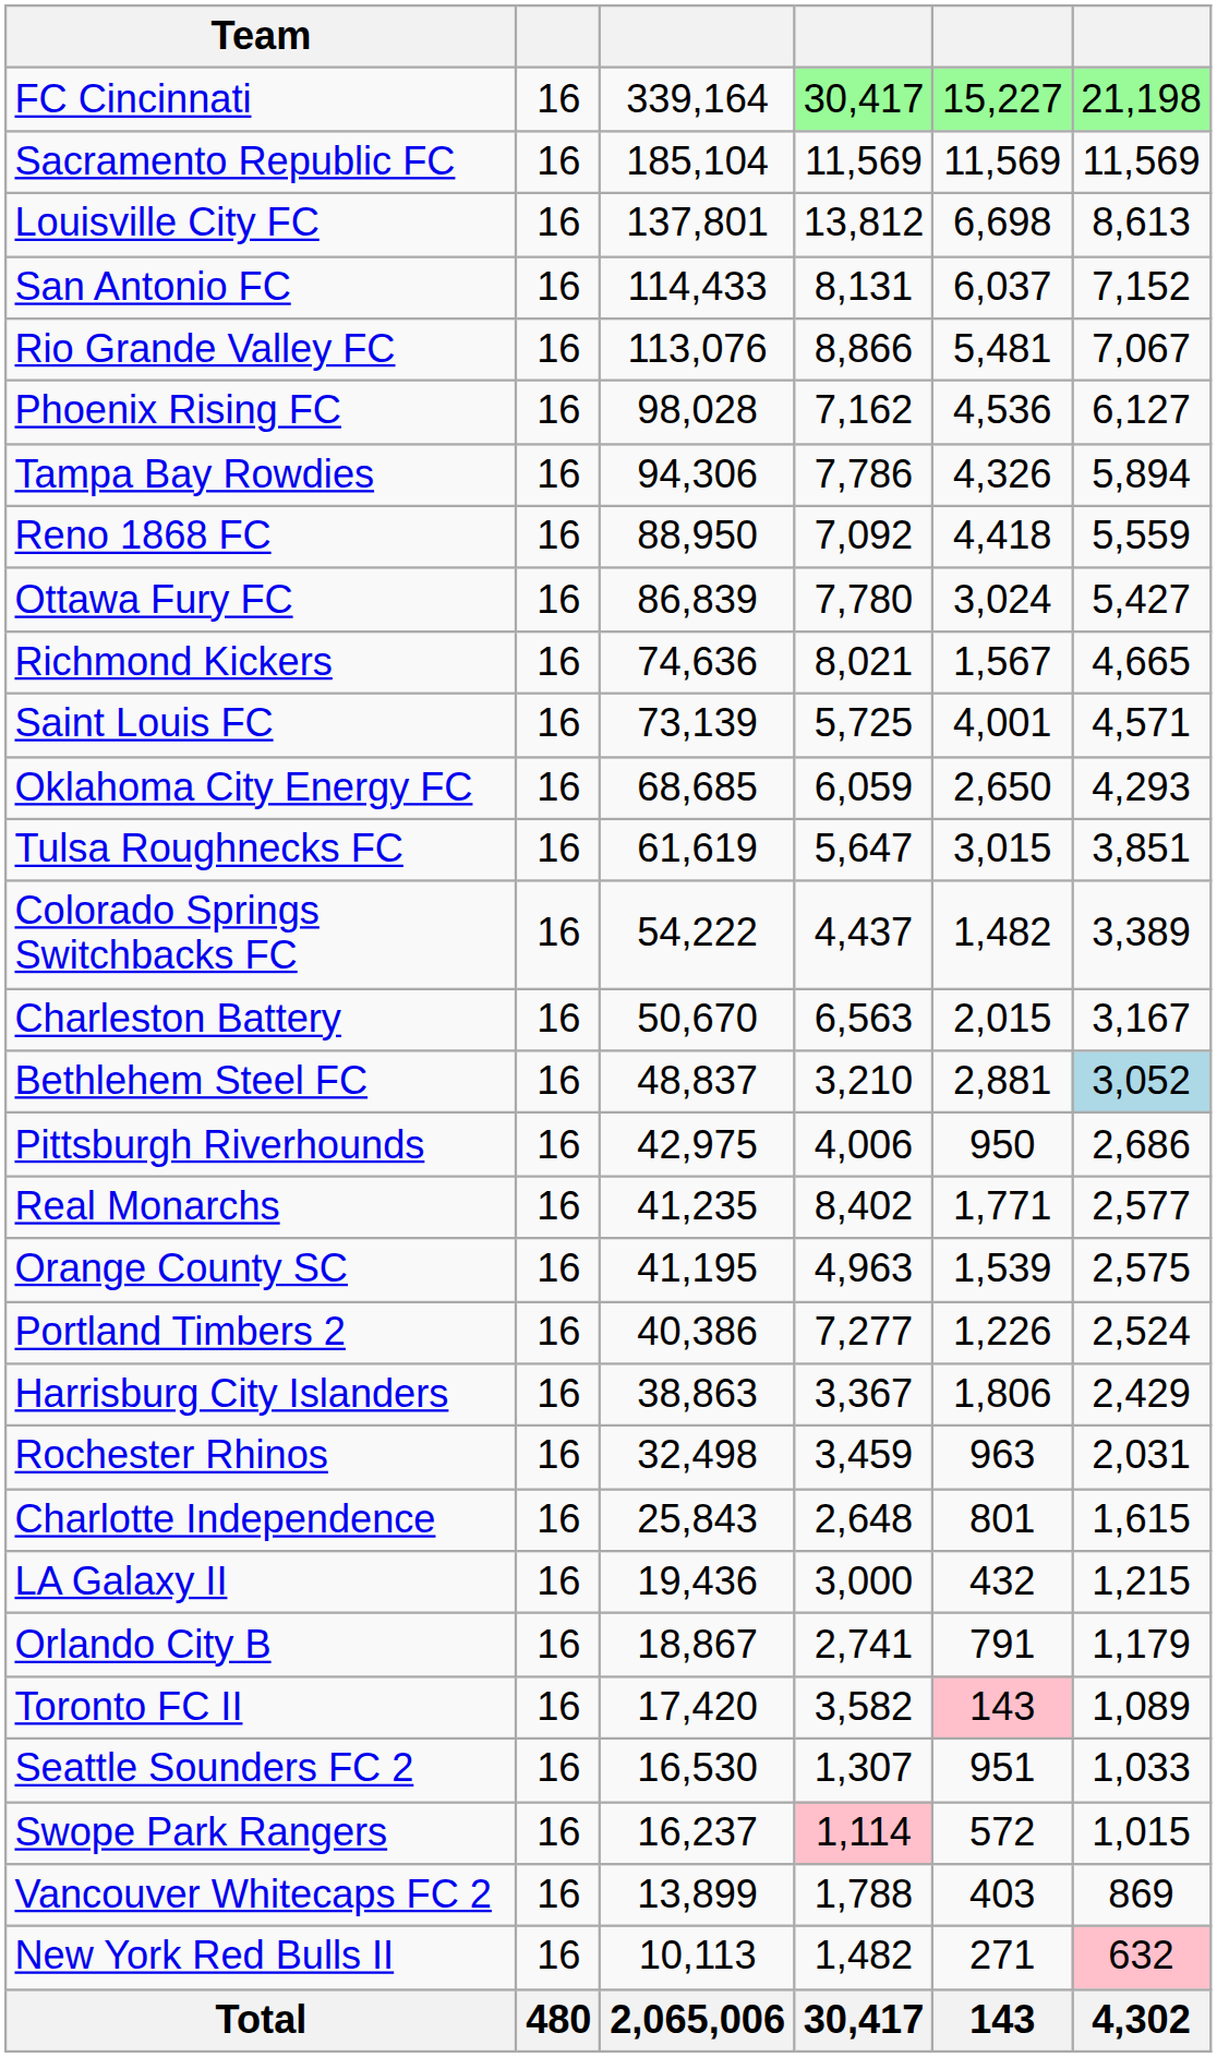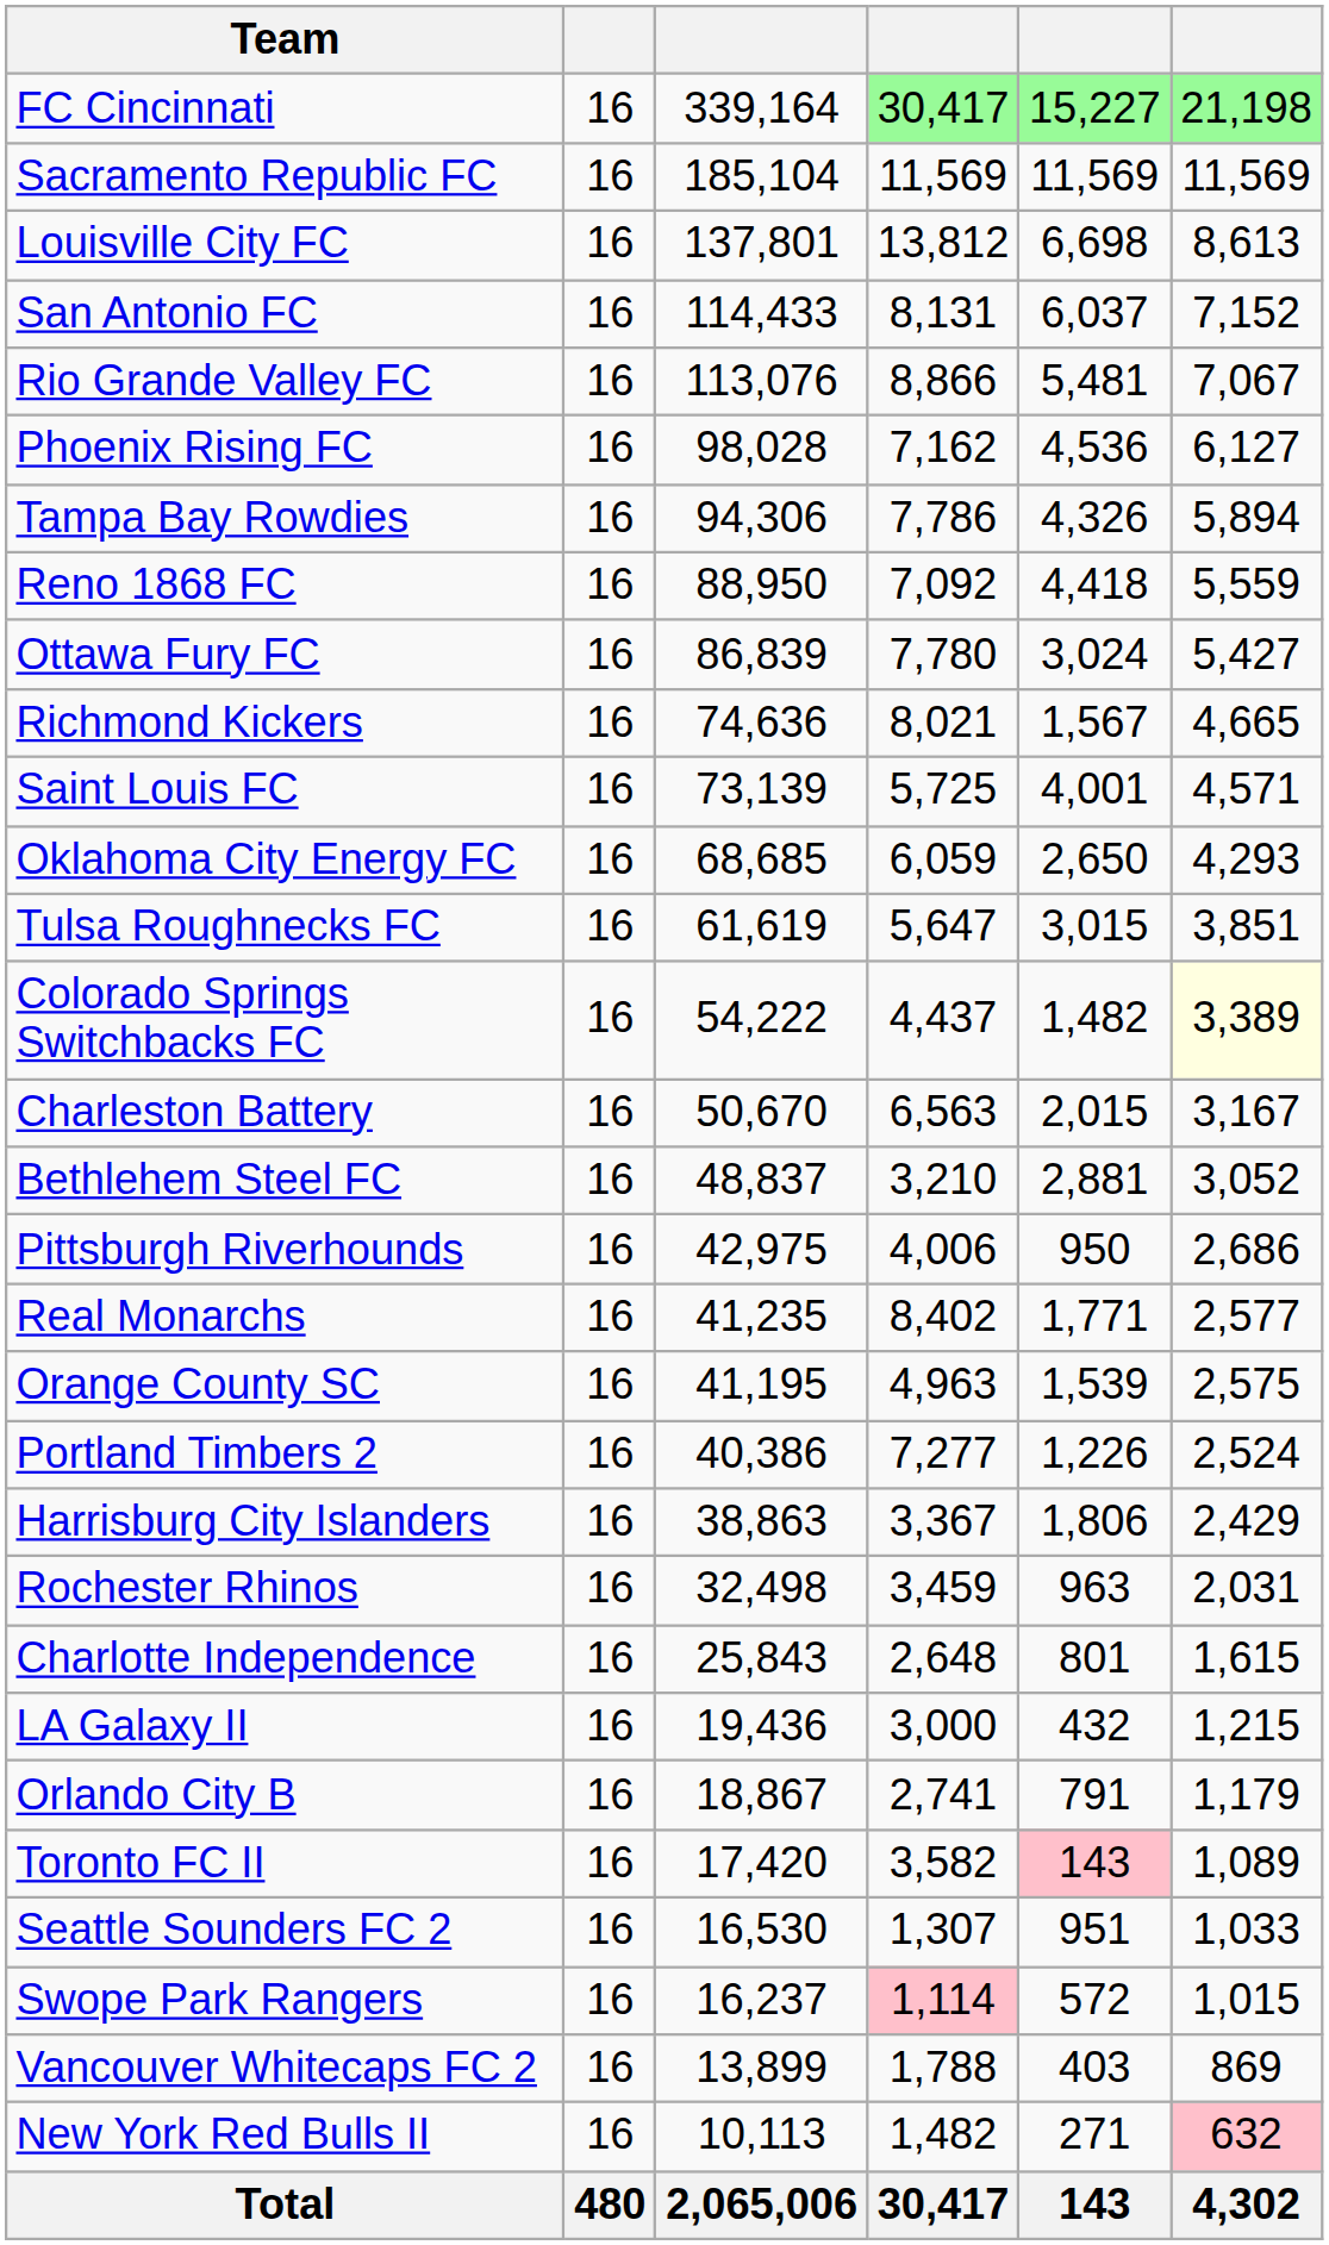 <table class="wikitable sortable">
 <tr>
 <th width=200>Team</th>
 <th></th>
 <th width=45></th>
 <th width=45></th>
 <th width=45></th>
 <th width=45></th>
 </tr>
 <tr align=center>
 <td align=left><a href='#'>FC Cincinnati</a></td>
 <td>16</td>
 <td>339,164</td>
 <td align=center bgcolor="#98FB98">30,417</td>
 <td align=center bgcolor="#98FB98">15,227</td>
 <td align=center bgcolor="#98FB98">21,198</td>
 </tr>
 <tr align=center>
 <td align=left><a href='#'>Sacramento Republic FC</a></td>
 <td>16</td>
 <td>185,104</td>
 <td>11,569</td>
 <td>11,569</td>
 <td>11,569</td>
 </tr>
 <tr align=center>
 <td align=left><a href='#'>Louisville City FC</a></td>
 <td>16</td>
 <td>137,801</td>
 <td>13,812</td>
 <td>6,698</td>
 <td>8,613</td>
 </tr>
 <tr align=center>
 <td align=left><a href='#'>San Antonio FC</a></td>
 <td>16</td>
 <td>114,433</td>
 <td>8,131</td>
 <td>6,037</td>
 <td>7,152</td>
 </tr>
 <tr align=center>
 <td align=left><a href='#'>Rio Grande Valley FC</a></td>
 <td>16</td>
 <td>113,076</td>
 <td>8,866</td>
 <td>5,481</td>
 <td>7,067</td>
 </tr>
 <tr align=center>
 <td align=left><a href='#'>Phoenix Rising FC</a></td>
 <td>16</td>
 <td>98,028</td>
 <td>7,162</td>
 <td>4,536</td>
 <td>6,127</td>
 </tr>
 <tr align=center>
 <td align=left><a href='#'>Tampa Bay Rowdies</a></td>
 <td>16</td>
 <td>94,306</td>
 <td>7,786</td>
 <td>4,326</td>
 <td>5,894</td>
 </tr>
 <tr align=center>
 <td align=left><a href='#'>Reno 1868 FC</a></td>
 <td>16</td>
 <td>88,950</td>
 <td>7,092</td>
 <td>4,418</td>
 <td>5,559</td>
 </tr>
 <tr align=center>
 <td align=left><a href='#'>Ottawa Fury FC</a></td>
 <td>16</td>
 <td>86,839</td>
 <td>7,780</td>
 <td>3,024</td>
 <td>5,427</td>
 </tr>
 <tr align=center>
 <td align=left><a href='#'>Richmond Kickers</a></td>
 <td>16</td>
 <td>74,636</td>
 <td>8,021</td>
 <td>1,567</td>
 <td>4,665</td>
 </tr>
 <tr align=center>
 <td align=left><a href='#'>Saint Louis FC</a></td>
 <td>16</td>
 <td>73,139</td>
 <td>5,725</td>
 <td>4,001</td>
 <td>4,571</td>
 </tr>
 <tr align=center>
 <td align=left><a href='#'>Oklahoma City Energy FC</a></td>
 <td>16</td>
 <td>68,685</td>
 <td>6,059</td>
 <td>2,650</td>
 <td>4,293</td>
 </tr>
 <tr align=center>
 <td align=left><a href='#'>Tulsa Roughnecks FC</a></td>
 <td>16</td>
 <td>61,619</td>
 <td>5,647</td>
 <td>3,015</td>
 <td>3,851</td>
 </tr>
 <tr align=center>
 <td align=left><a href='#'>Colorado Springs Switchbacks FC</a></td>
 <td>16</td>
 <td>54,222</td>
 <td>4,437</td>
 <td>1,482</td>
-<td>3,389</td>
+<td style="background: lightyellow;">3,389</td>
 </tr>
 <tr align=center>
 <td align=left><a href='#'>Charleston Battery</a></td>
 <td>16</td>
 <td>50,670</td>
 <td>6,563</td>
 <td>2,015</td>
 <td>3,167</td>
 </tr>
 <tr align=center>
 <td align=left><a href='#'>Bethlehem Steel FC</a></td>
 <td>16</td>
 <td>48,837</td>
 <td>3,210</td>
 <td>2,881</td>
-<td style="background: lightblue;">3,052</td>
+<td>3,052</td>
 </tr>
 <tr align=center>
 <td align=left><a href='#'>Pittsburgh Riverhounds</a></td>
 <td>16</td>
 <td>42,975</td>
 <td>4,006</td>
 <td>950</td>
 <td>2,686</td>
 </tr>
 <tr align=center>
 <td align=left><a href='#'>Real Monarchs</a></td>
 <td>16</td>
 <td>41,235</td>
 <td>8,402</td>
 <td>1,771</td>
 <td>2,577</td>
 </tr>
 <tr align=center>
 <td align=left><a href='#'>Orange County SC</a></td>
 <td>16</td>
 <td>41,195</td>
 <td>4,963</td>
 <td>1,539</td>
 <td>2,575</td>
 </tr>
 <tr align=center>
 <td align=left><a href='#'>Portland Timbers 2</a></td>
 <td>16</td>
 <td>40,386</td>
 <td>7,277</td>
 <td>1,226</td>
 <td>2,524</td>
 </tr>
 <tr align=center>
 <td align=left><a href='#'>Harrisburg City Islanders</a></td>
 <td>16</td>
 <td>38,863</td>
 <td>3,367</td>
 <td>1,806</td>
 <td>2,429</td>
 </tr>
 <tr align=center>
 <td align=left><a href='#'>Rochester Rhinos</a></td>
 <td>16</td>
 <td>32,498</td>
 <td>3,459</td>
 <td>963</td>
 <td>2,031</td>
 </tr>
 <tr align=center>
 <td align=left><a href='#'>Charlotte Independence</a></td>
 <td>16</td>
 <td>25,843</td>
 <td>2,648</td>
 <td>801</td>
 <td>1,615</td>
 </tr>
 <tr align=center>
 <td align=left><a href='#'>LA Galaxy II</a></td>
 <td>16</td>
 <td>19,436</td>
 <td>3,000</td>
 <td>432</td>
 <td>1,215</td>
 </tr>
 <tr align=center>
 <td align=left><a href='#'>Orlando City B</a></td>
 <td>16</td>
 <td>18,867</td>
 <td>2,741</td>
 <td>791</td>
 <td>1,179</td>
 </tr>
 <tr align=center>
 <td align=left><a href='#'>Toronto FC II</a></td>
 <td>16</td>
 <td>17,420</td>
 <td>3,582</td>
 <td bgcolor="#FFC0CB">143</td>
 <td>1,089</td>
 </tr>
 <tr align=center>
 <td align=left><a href='#'>Seattle Sounders FC 2</a></td>
 <td>16</td>
 <td>16,530</td>
 <td>1,307</td>
 <td>951</td>
 <td>1,033</td>
 </tr>
 <tr align=center>
 <td align=left><a href='#'>Swope Park Rangers</a></td>
 <td>16</td>
 <td>16,237</td>
 <td bgcolor="#FFC0CB">1,114</td>
 <td>572</td>
 <td>1,015</td>
 </tr>
 <tr align=center>
 <td align=left><a href='#'>Vancouver Whitecaps FC 2</a></td>
 <td>16</td>
 <td>13,899</td>
 <td>1,788</td>
 <td>403</td>
 <td>869</td>
 </tr>
 <tr align=center>
 <td align=left><a href='#'>New York Red Bulls II</a></td>
 <td>16</td>
 <td>10,113</td>
 <td>1,482</td>
 <td>271</td>
 <td bgcolor="#FFC0CB">632</td>
 </tr>
 <tr align=center>
 <th align=left>Total</th>
 <th>480</th>
 <th>2,065,006</th>
 <th>30,417</th>
 <th>143</th>
 <th>4,302</th>
 </tr>
 </table>
